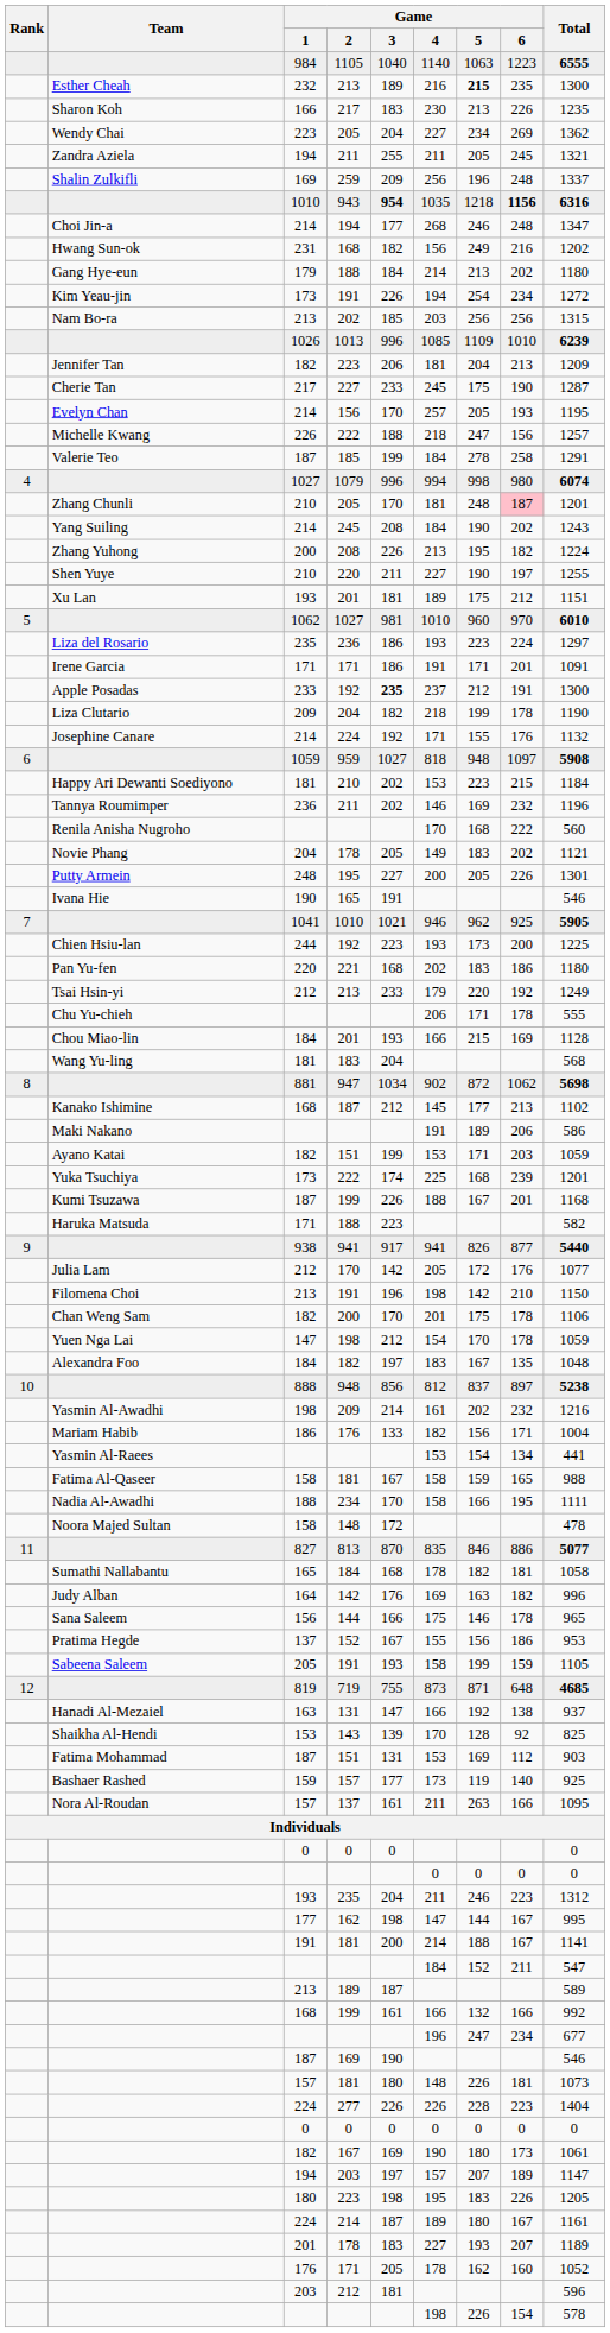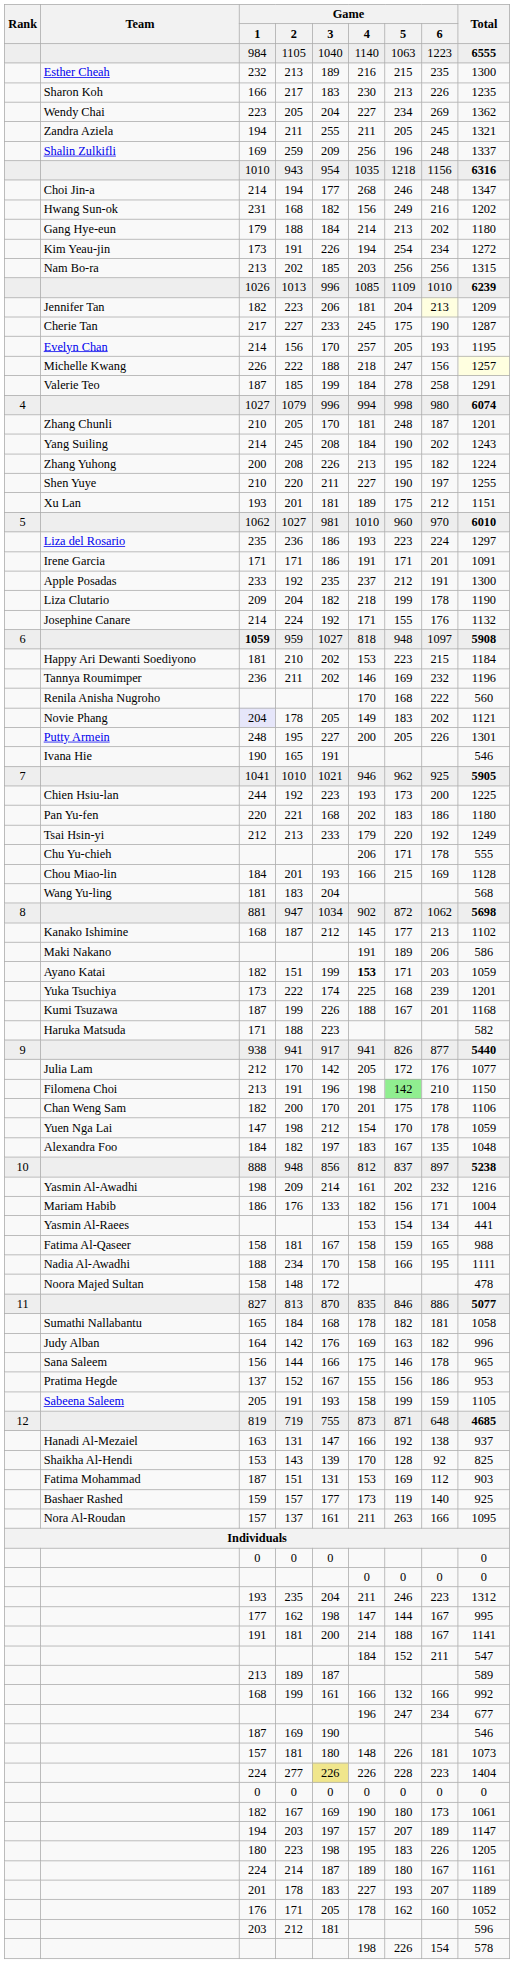 <table class=wikitable style="text-align:center">
 <tr>
 <th rowspan="2" width=40>Rank</th>
 <th rowspan="2" width=250>Team</th>
 <th colspan="6">Game</th>
 <th rowspan="2" width=60>Total</th>
 </tr>
 <tr>
 <th width=40>1</th>
 <th width=40>2</th>
 <th width=40>3</th>
 <th width=40>4</th>
 <th width=40>5</th>
 <th width=40>6</th>
 </tr>
 <tr bgcolor=eeeeee>
 <td></td>
 <td align=left></td>
 <td>984</td>
 <td>1105</td>
 <td>1040</td>
 <td>1140</td>
 <td>1063</td>
 <td>1223</td>
 <td><strong>6555</strong></td>
 </tr>
 <tr>
 <td></td>
 <td align=left><a href='#'>Esther Cheah</a></td>
 <td>232</td>
 <td>213</td>
 <td>189</td>
 <td>216</td>
-<td><strong>215</strong></td>
+<td>215</td>
 <td>235</td>
 <td>1300</td>
 </tr>
 <tr>
 <td></td>
 <td align=left>Sharon Koh</td>
 <td>166</td>
 <td>217</td>
 <td>183</td>
 <td>230</td>
 <td>213</td>
 <td>226</td>
 <td>1235</td>
 </tr>
 <tr>
 <td></td>
 <td align=left>Wendy Chai</td>
 <td>223</td>
 <td>205</td>
 <td>204</td>
 <td>227</td>
 <td>234</td>
 <td>269</td>
 <td>1362</td>
 </tr>
 <tr>
 <td></td>
 <td align=left>Zandra Aziela</td>
 <td>194</td>
 <td>211</td>
 <td>255</td>
 <td>211</td>
 <td>205</td>
 <td>245</td>
 <td>1321</td>
 </tr>
 <tr>
 <td></td>
 <td align=left><a href='#'>Shalin Zulkifli</a></td>
 <td>169</td>
 <td>259</td>
 <td>209</td>
 <td>256</td>
 <td>196</td>
 <td>248</td>
 <td>1337</td>
 </tr>
 <tr bgcolor=eeeeee>
 <td></td>
 <td align=left></td>
 <td>1010</td>
 <td>943</td>
-<td><strong>954</strong></td>
+<td>954</td>
 <td>1035</td>
 <td>1218</td>
-<td><strong>1156</strong></td>
+<td>1156</td>
 <td><strong>6316</strong></td>
 </tr>
 <tr>
 <td></td>
 <td align=left>Choi Jin-a</td>
 <td>214</td>
 <td>194</td>
 <td>177</td>
 <td>268</td>
 <td>246</td>
 <td>248</td>
 <td>1347</td>
 </tr>
 <tr>
 <td></td>
 <td align=left>Hwang Sun-ok</td>
 <td>231</td>
 <td>168</td>
 <td>182</td>
 <td>156</td>
 <td>249</td>
 <td>216</td>
 <td>1202</td>
 </tr>
 <tr>
 <td></td>
 <td align=left>Gang Hye-eun</td>
 <td>179</td>
 <td>188</td>
 <td>184</td>
 <td>214</td>
 <td>213</td>
 <td>202</td>
 <td>1180</td>
 </tr>
 <tr>
 <td></td>
 <td align=left>Kim Yeau-jin</td>
 <td>173</td>
 <td>191</td>
 <td>226</td>
 <td>194</td>
 <td>254</td>
 <td>234</td>
 <td>1272</td>
 </tr>
 <tr>
 <td></td>
 <td align=left>Nam Bo-ra</td>
 <td>213</td>
 <td>202</td>
 <td>185</td>
 <td>203</td>
 <td>256</td>
 <td>256</td>
 <td>1315</td>
 </tr>
 <tr bgcolor=eeeeee>
 <td></td>
 <td align=left></td>
 <td>1026</td>
 <td>1013</td>
 <td>996</td>
 <td>1085</td>
 <td>1109</td>
 <td>1010</td>
 <td><strong>6239</strong></td>
 </tr>
 <tr>
 <td></td>
 <td align=left>Jennifer Tan</td>
 <td>182</td>
 <td>223</td>
 <td>206</td>
 <td>181</td>
 <td>204</td>
-<td>213</td>
+<td style="background: lightyellow;">213</td>
 <td>1209</td>
 </tr>
 <tr>
 <td></td>
 <td align=left>Cherie Tan</td>
 <td>217</td>
 <td>227</td>
 <td>233</td>
 <td>245</td>
 <td>175</td>
 <td>190</td>
 <td>1287</td>
 </tr>
 <tr>
 <td></td>
 <td align=left><a href='#'>Evelyn Chan</a></td>
 <td>214</td>
 <td>156</td>
 <td>170</td>
 <td>257</td>
 <td>205</td>
 <td>193</td>
 <td>1195</td>
 </tr>
 <tr>
 <td></td>
 <td align=left>Michelle Kwang</td>
 <td>226</td>
 <td>222</td>
 <td>188</td>
 <td>218</td>
 <td>247</td>
 <td>156</td>
-<td>1257</td>
+<td style="background: lightyellow;">1257</td>
 </tr>
 <tr>
 <td></td>
 <td align=left>Valerie Teo</td>
 <td>187</td>
 <td>185</td>
 <td>199</td>
 <td>184</td>
 <td>278</td>
 <td>258</td>
 <td>1291</td>
 </tr>
 <tr bgcolor=eeeeee>
 <td>4</td>
 <td align=left></td>
 <td>1027</td>
 <td>1079</td>
 <td>996</td>
 <td>994</td>
 <td>998</td>
 <td>980</td>
 <td><strong>6074</strong></td>
 </tr>
 <tr>
 <td></td>
 <td align=left>Zhang Chunli</td>
 <td>210</td>
 <td>205</td>
 <td>170</td>
 <td>181</td>
 <td>248</td>
-<td style="background: pink;">187</td>
+<td>187</td>
 <td>1201</td>
 </tr>
 <tr>
 <td></td>
 <td align=left>Yang Suiling</td>
 <td>214</td>
 <td>245</td>
 <td>208</td>
 <td>184</td>
 <td>190</td>
 <td>202</td>
 <td>1243</td>
 </tr>
 <tr>
 <td></td>
 <td align=left>Zhang Yuhong</td>
 <td>200</td>
 <td>208</td>
 <td>226</td>
 <td>213</td>
 <td>195</td>
 <td>182</td>
 <td>1224</td>
 </tr>
 <tr>
 <td></td>
 <td align=left>Shen Yuye</td>
 <td>210</td>
 <td>220</td>
 <td>211</td>
 <td>227</td>
 <td>190</td>
 <td>197</td>
 <td>1255</td>
 </tr>
 <tr>
 <td></td>
 <td align=left>Xu Lan</td>
 <td>193</td>
 <td>201</td>
 <td>181</td>
 <td>189</td>
 <td>175</td>
 <td>212</td>
 <td>1151</td>
 </tr>
 <tr bgcolor=eeeeee>
 <td>5</td>
 <td align=left></td>
 <td>1062</td>
 <td>1027</td>
 <td>981</td>
 <td>1010</td>
 <td>960</td>
 <td>970</td>
 <td><strong>6010</strong></td>
 </tr>
 <tr>
 <td></td>
 <td align=left><a href='#'>Liza del Rosario</a></td>
 <td>235</td>
 <td>236</td>
 <td>186</td>
 <td>193</td>
 <td>223</td>
 <td>224</td>
 <td>1297</td>
 </tr>
 <tr>
 <td></td>
 <td align=left>Irene Garcia</td>
 <td>171</td>
 <td>171</td>
 <td>186</td>
 <td>191</td>
 <td>171</td>
 <td>201</td>
 <td>1091</td>
 </tr>
 <tr>
 <td></td>
 <td align=left>Apple Posadas</td>
 <td>233</td>
 <td>192</td>
-<td><strong>235</strong></td>
+<td>235</td>
 <td>237</td>
 <td>212</td>
 <td>191</td>
 <td>1300</td>
 </tr>
 <tr>
 <td></td>
 <td align=left>Liza Clutario</td>
 <td>209</td>
 <td>204</td>
 <td>182</td>
 <td>218</td>
 <td>199</td>
 <td>178</td>
 <td>1190</td>
 </tr>
 <tr>
 <td></td>
 <td align=left>Josephine Canare</td>
 <td>214</td>
 <td>224</td>
 <td>192</td>
 <td>171</td>
 <td>155</td>
 <td>176</td>
 <td>1132</td>
 </tr>
 <tr bgcolor=eeeeee>
 <td>6</td>
 <td align=left></td>
-<td>1059</td>
+<td><strong>1059</strong></td>
 <td>959</td>
 <td>1027</td>
 <td>818</td>
 <td>948</td>
 <td>1097</td>
 <td><strong>5908</strong></td>
 </tr>
 <tr>
 <td></td>
 <td align=left>Happy Ari Dewanti Soediyono</td>
 <td>181</td>
 <td>210</td>
 <td>202</td>
 <td>153</td>
 <td>223</td>
 <td>215</td>
 <td>1184</td>
 </tr>
 <tr>
 <td></td>
 <td align=left>Tannya Roumimper</td>
 <td>236</td>
 <td>211</td>
 <td>202</td>
 <td>146</td>
 <td>169</td>
 <td>232</td>
 <td>1196</td>
 </tr>
 <tr>
 <td></td>
 <td align=left>Renila Anisha Nugroho</td>
 <td></td>
 <td></td>
 <td></td>
 <td>170</td>
 <td>168</td>
 <td>222</td>
 <td>560</td>
 </tr>
 <tr>
 <td></td>
 <td align=left>Novie Phang</td>
-<td>204</td>
+<td style="background: lavender;">204</td>
 <td>178</td>
 <td>205</td>
 <td>149</td>
 <td>183</td>
 <td>202</td>
 <td>1121</td>
 </tr>
 <tr>
 <td></td>
 <td align=left><a href='#'>Putty Armein</a></td>
 <td>248</td>
 <td>195</td>
 <td>227</td>
 <td>200</td>
 <td>205</td>
 <td>226</td>
 <td>1301</td>
 </tr>
 <tr>
 <td></td>
 <td align=left>Ivana Hie</td>
 <td>190</td>
 <td>165</td>
 <td>191</td>
 <td></td>
 <td></td>
 <td></td>
 <td>546</td>
 </tr>
 <tr bgcolor=eeeeee>
 <td>7</td>
 <td align=left></td>
 <td>1041</td>
 <td>1010</td>
 <td>1021</td>
 <td>946</td>
 <td>962</td>
 <td>925</td>
 <td><strong>5905</strong></td>
 </tr>
 <tr>
 <td></td>
 <td align=left>Chien Hsiu-lan</td>
 <td>244</td>
 <td>192</td>
 <td>223</td>
 <td>193</td>
 <td>173</td>
 <td>200</td>
 <td>1225</td>
 </tr>
 <tr>
 <td></td>
 <td align=left>Pan Yu-fen</td>
 <td>220</td>
 <td>221</td>
 <td>168</td>
 <td>202</td>
 <td>183</td>
 <td>186</td>
 <td>1180</td>
 </tr>
 <tr>
 <td></td>
 <td align=left>Tsai Hsin-yi</td>
 <td>212</td>
 <td>213</td>
 <td>233</td>
 <td>179</td>
 <td>220</td>
 <td>192</td>
 <td>1249</td>
 </tr>
 <tr>
 <td></td>
 <td align=left>Chu Yu-chieh</td>
 <td></td>
 <td></td>
 <td></td>
 <td>206</td>
 <td>171</td>
 <td>178</td>
 <td>555</td>
 </tr>
 <tr>
 <td></td>
 <td align=left>Chou Miao-lin</td>
 <td>184</td>
 <td>201</td>
 <td>193</td>
 <td>166</td>
 <td>215</td>
 <td>169</td>
 <td>1128</td>
 </tr>
 <tr>
 <td></td>
 <td align=left>Wang Yu-ling</td>
 <td>181</td>
 <td>183</td>
 <td>204</td>
 <td></td>
 <td></td>
 <td></td>
 <td>568</td>
 </tr>
 <tr bgcolor=eeeeee>
 <td>8</td>
 <td align=left></td>
 <td>881</td>
 <td>947</td>
 <td>1034</td>
 <td>902</td>
 <td>872</td>
 <td>1062</td>
 <td><strong>5698</strong></td>
 </tr>
 <tr>
 <td></td>
 <td align=left>Kanako Ishimine</td>
 <td>168</td>
 <td>187</td>
 <td>212</td>
 <td>145</td>
 <td>177</td>
 <td>213</td>
 <td>1102</td>
 </tr>
 <tr>
 <td></td>
 <td align=left>Maki Nakano</td>
 <td></td>
 <td></td>
 <td></td>
 <td>191</td>
 <td>189</td>
 <td>206</td>
 <td>586</td>
 </tr>
 <tr>
 <td></td>
 <td align=left>Ayano Katai</td>
 <td>182</td>
 <td>151</td>
 <td>199</td>
-<td>153</td>
+<td><strong>153</strong></td>
 <td>171</td>
 <td>203</td>
 <td>1059</td>
 </tr>
 <tr>
 <td></td>
 <td align=left>Yuka Tsuchiya</td>
 <td>173</td>
 <td>222</td>
 <td>174</td>
 <td>225</td>
 <td>168</td>
 <td>239</td>
 <td>1201</td>
 </tr>
 <tr>
 <td></td>
 <td align=left>Kumi Tsuzawa</td>
 <td>187</td>
 <td>199</td>
 <td>226</td>
 <td>188</td>
 <td>167</td>
 <td>201</td>
 <td>1168</td>
 </tr>
 <tr>
 <td></td>
 <td align=left>Haruka Matsuda</td>
 <td>171</td>
 <td>188</td>
 <td>223</td>
 <td></td>
 <td></td>
 <td></td>
 <td>582</td>
 </tr>
 <tr bgcolor=eeeeee>
 <td>9</td>
 <td align=left></td>
 <td>938</td>
 <td>941</td>
 <td>917</td>
 <td>941</td>
 <td>826</td>
 <td>877</td>
 <td><strong>5440</strong></td>
 </tr>
 <tr>
 <td></td>
 <td align=left>Julia Lam</td>
 <td>212</td>
 <td>170</td>
 <td>142</td>
 <td>205</td>
 <td>172</td>
 <td>176</td>
 <td>1077</td>
 </tr>
 <tr>
 <td></td>
 <td align=left>Filomena Choi</td>
 <td>213</td>
 <td>191</td>
 <td>196</td>
 <td>198</td>
-<td>142</td>
+<td style="background: lightgreen;">142</td>
 <td>210</td>
 <td>1150</td>
 </tr>
 <tr>
 <td></td>
 <td align=left>Chan Weng Sam</td>
 <td>182</td>
 <td>200</td>
 <td>170</td>
 <td>201</td>
 <td>175</td>
 <td>178</td>
 <td>1106</td>
 </tr>
 <tr>
 <td></td>
 <td align=left>Yuen Nga Lai</td>
 <td>147</td>
 <td>198</td>
 <td>212</td>
 <td>154</td>
 <td>170</td>
 <td>178</td>
 <td>1059</td>
 </tr>
 <tr>
 <td></td>
 <td align=left>Alexandra Foo</td>
 <td>184</td>
 <td>182</td>
 <td>197</td>
 <td>183</td>
 <td>167</td>
 <td>135</td>
 <td>1048</td>
 </tr>
 <tr bgcolor=eeeeee>
 <td>10</td>
 <td align=left></td>
 <td>888</td>
 <td>948</td>
 <td>856</td>
 <td>812</td>
 <td>837</td>
 <td>897</td>
 <td><strong>5238</strong></td>
 </tr>
 <tr>
 <td></td>
 <td align=left>Yasmin Al-Awadhi</td>
 <td>198</td>
 <td>209</td>
 <td>214</td>
 <td>161</td>
 <td>202</td>
 <td>232</td>
 <td>1216</td>
 </tr>
 <tr>
 <td></td>
 <td align=left>Mariam Habib</td>
 <td>186</td>
 <td>176</td>
 <td>133</td>
 <td>182</td>
 <td>156</td>
 <td>171</td>
 <td>1004</td>
 </tr>
 <tr>
 <td></td>
 <td align=left>Yasmin Al-Raees</td>
 <td></td>
 <td></td>
 <td></td>
 <td>153</td>
 <td>154</td>
 <td>134</td>
 <td>441</td>
 </tr>
 <tr>
 <td></td>
 <td align=left>Fatima Al-Qaseer</td>
 <td>158</td>
 <td>181</td>
 <td>167</td>
 <td>158</td>
 <td>159</td>
 <td>165</td>
 <td>988</td>
 </tr>
 <tr>
 <td></td>
 <td align=left>Nadia Al-Awadhi</td>
 <td>188</td>
 <td>234</td>
 <td>170</td>
 <td>158</td>
 <td>166</td>
 <td>195</td>
 <td>1111</td>
 </tr>
 <tr>
 <td></td>
 <td align=left>Noora Majed Sultan</td>
 <td>158</td>
 <td>148</td>
 <td>172</td>
 <td></td>
 <td></td>
 <td></td>
 <td>478</td>
 </tr>
 <tr bgcolor=eeeeee>
 <td>11</td>
 <td align=left></td>
 <td>827</td>
 <td>813</td>
 <td>870</td>
 <td>835</td>
 <td>846</td>
 <td>886</td>
 <td><strong>5077</strong></td>
 </tr>
 <tr>
 <td></td>
 <td align=left>Sumathi Nallabantu</td>
 <td>165</td>
 <td>184</td>
 <td>168</td>
 <td>178</td>
 <td>182</td>
 <td>181</td>
 <td>1058</td>
 </tr>
 <tr>
 <td></td>
 <td align=left>Judy Alban</td>
 <td>164</td>
 <td>142</td>
 <td>176</td>
 <td>169</td>
 <td>163</td>
 <td>182</td>
 <td>996</td>
 </tr>
 <tr>
 <td></td>
 <td align=left>Sana Saleem</td>
 <td>156</td>
 <td>144</td>
 <td>166</td>
 <td>175</td>
 <td>146</td>
 <td>178</td>
 <td>965</td>
 </tr>
 <tr>
 <td></td>
 <td align=left>Pratima Hegde</td>
 <td>137</td>
 <td>152</td>
 <td>167</td>
 <td>155</td>
 <td>156</td>
 <td>186</td>
 <td>953</td>
 </tr>
 <tr>
 <td></td>
 <td align=left><a href='#'>Sabeena Saleem</a></td>
 <td>205</td>
 <td>191</td>
 <td>193</td>
 <td>158</td>
 <td>199</td>
 <td>159</td>
 <td>1105</td>
 </tr>
 <tr bgcolor=eeeeee>
 <td>12</td>
 <td align=left></td>
 <td>819</td>
 <td>719</td>
 <td>755</td>
 <td>873</td>
 <td>871</td>
 <td>648</td>
 <td><strong>4685</strong></td>
 </tr>
 <tr>
 <td></td>
 <td align=left>Hanadi Al-Mezaiel</td>
 <td>163</td>
 <td>131</td>
 <td>147</td>
 <td>166</td>
 <td>192</td>
 <td>138</td>
 <td>937</td>
 </tr>
 <tr>
 <td></td>
 <td align=left>Shaikha Al-Hendi</td>
 <td>153</td>
 <td>143</td>
 <td>139</td>
 <td>170</td>
 <td>128</td>
 <td>92</td>
 <td>825</td>
 </tr>
 <tr>
 <td></td>
 <td align=left>Fatima Mohammad</td>
 <td>187</td>
 <td>151</td>
 <td>131</td>
 <td>153</td>
 <td>169</td>
 <td>112</td>
 <td>903</td>
 </tr>
 <tr>
 <td></td>
 <td align=left>Bashaer Rashed</td>
 <td>159</td>
 <td>157</td>
 <td>177</td>
 <td>173</td>
 <td>119</td>
 <td>140</td>
 <td>925</td>
 </tr>
 <tr>
 <td></td>
 <td align=left>Nora Al-Roudan</td>
 <td>157</td>
 <td>137</td>
 <td>161</td>
 <td>211</td>
 <td>263</td>
 <td>166</td>
 <td>1095</td>
 </tr>
 <tr>
 <th colspan="9">Individuals</th>
 </tr>
 <tr>
 <td></td>
 <td align=left></td>
 <td>0</td>
 <td>0</td>
 <td>0</td>
 <td></td>
 <td></td>
 <td></td>
 <td>0</td>
 </tr>
 <tr>
 <td></td>
 <td align=left></td>
 <td></td>
 <td></td>
 <td></td>
 <td>0</td>
 <td>0</td>
 <td>0</td>
 <td>0</td>
 </tr>
 <tr>
 <td></td>
 <td align=left></td>
 <td>193</td>
 <td>235</td>
 <td>204</td>
 <td>211</td>
 <td>246</td>
 <td>223</td>
 <td>1312</td>
 </tr>
 <tr>
 <td></td>
 <td align=left></td>
 <td>177</td>
 <td>162</td>
 <td>198</td>
 <td>147</td>
 <td>144</td>
 <td>167</td>
 <td>995</td>
 </tr>
 <tr>
 <td></td>
 <td align=left></td>
 <td>191</td>
 <td>181</td>
 <td>200</td>
 <td>214</td>
 <td>188</td>
 <td>167</td>
 <td>1141</td>
 </tr>
 <tr>
 <td></td>
 <td align=left></td>
 <td></td>
 <td></td>
 <td></td>
 <td>184</td>
 <td>152</td>
 <td>211</td>
 <td>547</td>
 </tr>
 <tr>
 <td></td>
 <td align=left></td>
 <td>213</td>
 <td>189</td>
 <td>187</td>
 <td></td>
 <td></td>
 <td></td>
 <td>589</td>
 </tr>
 <tr>
 <td></td>
 <td align=left></td>
 <td>168</td>
 <td>199</td>
 <td>161</td>
 <td>166</td>
 <td>132</td>
 <td>166</td>
 <td>992</td>
 </tr>
 <tr>
 <td></td>
 <td align=left></td>
 <td></td>
 <td></td>
 <td></td>
 <td>196</td>
 <td>247</td>
 <td>234</td>
 <td>677</td>
 </tr>
 <tr>
 <td></td>
 <td align=left></td>
 <td>187</td>
 <td>169</td>
 <td>190</td>
 <td></td>
 <td></td>
 <td></td>
 <td>546</td>
 </tr>
 <tr>
 <td></td>
 <td align=left></td>
 <td>157</td>
 <td>181</td>
 <td>180</td>
 <td>148</td>
 <td>226</td>
 <td>181</td>
 <td>1073</td>
 </tr>
 <tr>
 <td></td>
 <td align=left></td>
 <td>224</td>
 <td>277</td>
-<td>226</td>
+<td style="background: khaki;">226</td>
 <td>226</td>
 <td>228</td>
 <td>223</td>
 <td>1404</td>
 </tr>
 <tr>
 <td></td>
 <td align=left></td>
 <td>0</td>
 <td>0</td>
 <td>0</td>
 <td>0</td>
 <td>0</td>
 <td>0</td>
 <td>0</td>
 </tr>
 <tr>
 <td></td>
 <td align=left></td>
 <td>182</td>
 <td>167</td>
 <td>169</td>
 <td>190</td>
 <td>180</td>
 <td>173</td>
 <td>1061</td>
 </tr>
 <tr>
 <td></td>
 <td align=left></td>
 <td>194</td>
 <td>203</td>
 <td>197</td>
 <td>157</td>
 <td>207</td>
 <td>189</td>
 <td>1147</td>
 </tr>
 <tr>
 <td></td>
 <td align=left></td>
 <td>180</td>
 <td>223</td>
 <td>198</td>
 <td>195</td>
 <td>183</td>
 <td>226</td>
 <td>1205</td>
 </tr>
 <tr>
 <td></td>
 <td align=left></td>
 <td>224</td>
 <td>214</td>
 <td>187</td>
 <td>189</td>
 <td>180</td>
 <td>167</td>
 <td>1161</td>
 </tr>
 <tr>
 <td></td>
 <td align=left></td>
 <td>201</td>
 <td>178</td>
 <td>183</td>
 <td>227</td>
 <td>193</td>
 <td>207</td>
 <td>1189</td>
 </tr>
 <tr>
 <td></td>
 <td align=left></td>
 <td>176</td>
 <td>171</td>
 <td>205</td>
 <td>178</td>
 <td>162</td>
 <td>160</td>
 <td>1052</td>
 </tr>
 <tr>
 <td></td>
 <td align=left></td>
 <td>203</td>
 <td>212</td>
 <td>181</td>
 <td></td>
 <td></td>
 <td></td>
 <td>596</td>
 </tr>
 <tr>
 <td></td>
 <td align=left></td>
 <td></td>
 <td></td>
 <td></td>
 <td>198</td>
 <td>226</td>
 <td>154</td>
 <td>578</td>
 </tr>
 </table>
